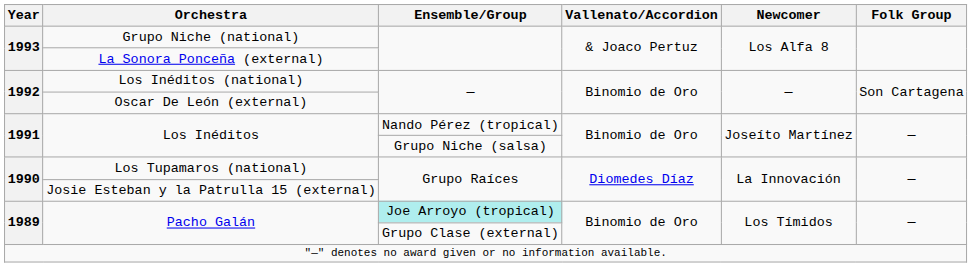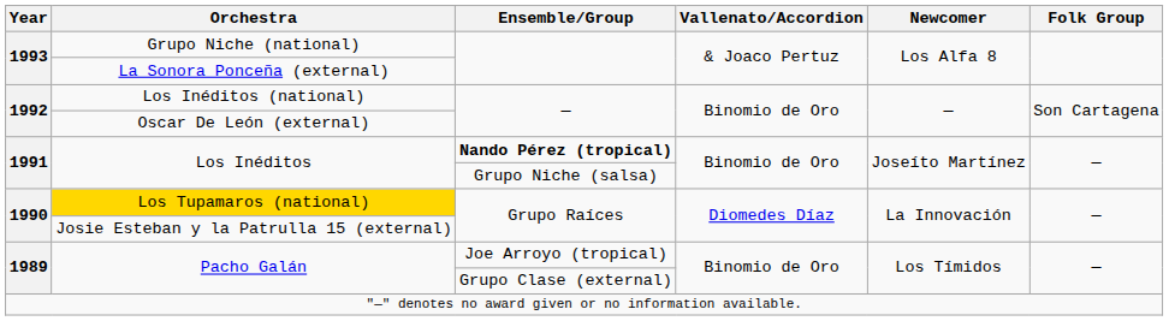 <table class="wikitable" style="text-align:center;">
 <tr>
 <th>Year</th>
 <th>Orchestra</th>
 <th>Ensemble/Group</th>
 <th>Vallenato/Accordion</th>
 <th>Newcomer</th>
 <th>Folk Group</th>
 </tr>
 <tr>
 <th rowspan="2">1993</th>
 <td>Grupo Niche (national)</td>
 <td rowspan="2"></td>
 <td rowspan="2"> & Joaco Pertuz</td>
 <td rowspan="2">Los Alfa 8</td>
 <td rowspan="2"></td>
 </tr>
 <tr>
 <td><a href='#'>La Sonora Ponceña</a> (external)</td>
 </tr>
 <tr>
 <th rowspan="2">1992</th>
 <td>Los Inéditos (national)</td>
 <td rowspan="2">—</td>
 <td rowspan="2">Binomio de Oro</td>
 <td rowspan="2">—</td>
 <td rowspan="2">Son Cartagena</td>
 </tr>
 <tr>
 <td>Oscar De León (external)</td>
 </tr>
 <tr>
 <th rowspan="2">1991</th>
 <td rowspan="2">Los Inéditos</td>
-<td>Nando Pérez (tropical)</td>
+<td><strong>Nando Pérez (tropical)</strong></td>
 <td rowspan="2">Binomio de Oro</td>
 <td rowspan="2">Joseíto Martínez</td>
 <td rowspan="2">—</td>
 </tr>
 <tr>
 <td>Grupo Niche (salsa)</td>
 </tr>
 <tr>
 <th rowspan="2">1990</th>
-<td>Los Tupamaros (national)</td>
+<td style="background: gold;">Los Tupamaros (national)</td>
 <td rowspan="2">Grupo Raíces</td>
 <td rowspan="2"><a href='#'>Diomedes Díaz</a></td>
 <td rowspan="2">La Innovación</td>
 <td rowspan="2">—</td>
 </tr>
 <tr>
 <td>Josie Esteban y la Patrulla 15 (external)</td>
 </tr>
 <tr>
 <th rowspan="2">1989</th>
 <td rowspan="2"><a href='#'>Pacho Galán</a></td>
-<td style="background: paleturquoise;">Joe Arroyo (tropical)</td>
+<td>Joe Arroyo (tropical)</td>
 <td rowspan="2">Binomio de Oro</td>
 <td rowspan="2">Los Tímidos</td>
 <td rowspan="2">—</td>
 </tr>
 <tr>
 <td>Grupo Clase (external)</td>
 </tr>
 <tr>
 <td colspan="6" style="text-align:center; font-size:8pt;">"—" denotes no award given or no information available.</td>
 </tr>
 </table>
